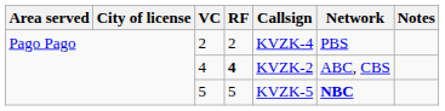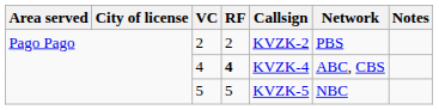 <table class="sortable wikitable" style="margin: 1em 1em 1em 0; background: #f9f9f9;">
 <tr>
 <th>Area served</th>
 <th>City of license</th>
 <th>VC</th>
 <th>RF</th>
 <th>Callsign</th>
 <th>Network</th>
 <th class="unsortable">Notes</th>
 </tr>
 <tr style="vertical-align: top; text-align: left;">
 <td colspan="2" rowspan="3"><a href='#'>Pago Pago</a></td>
 <td>2</td>
 <td>2</td>
-<td><a href='#'>KVZK-4</a></td>
+<td><a href='#'>KVZK-2</a></td>
 <td><a href='#'>PBS</a></td>
 <td></td>
 </tr>
 <tr style="vertical-align: top; text-align: left;">
 <td>4</td>
 <td><strong>4</strong></td>
-<td><a href='#'>KVZK-2</a></td>
+<td><a href='#'>KVZK-4</a></td>
 <td><a href='#'>ABC</a>, <a href='#'>CBS</a></td>
 <td></td>
 </tr>
 <tr style="vertical-align: top; text-align: left;">
 <td>5</td>
 <td>5</td>
 <td><a href='#'>KVZK-5</a></td>
-<td><strong><a href='#'>NBC</a></strong></td>
+<td><a href='#'>NBC</a></td>
 <td></td>
 </tr>
 </table>
